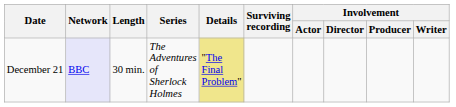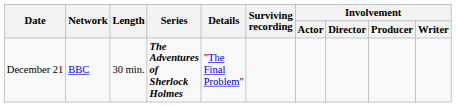 <table class="wikitable">
 <tr>
 <th rowspan="2" style="width:33px;">Date</th>
 <th rowspan="2">Network</th>
 <th rowspan="2">Length</th>
 <th rowspan="2">Series</th>
 <th rowspan="2">Details</th>
 <th rowspan="2">Surviving recording</th>
 <th colspan="4">Involvement</th>
 </tr>
 <tr>
 <th width=65>Actor</th>
 <th width=65>Director</th>
 <th width=65>Producer</th>
 <th width=65>Writer</th>
 </tr>
 <tr style="text-align:center;">
 <td style="text-align:left;">December 21</td>
-<td style="background: lavender; text-align:left;"><a href='#'>BBC</a></td>
+<td style="text-align:left;"><a href='#'>BBC</a></td>
 <td style="text-align:left;">30 min.</td>
-<td style="text-align:left;"><em>The Adventures of Sherlock Holmes</em></td>
-<td style="background: khaki; text-align:left;">"<a href='#'>The Final Problem</a>" </td>
+<td style="text-align:left;"><strong><em>The Adventures of Sherlock Holmes</em></strong></td>
+<td style="text-align:left;">"<a href='#'>The Final Problem</a>" </td>
 <td></td>
 <td></td>
 <td></td>
 <td></td>
 <td></td>
 </tr>
 </table>
